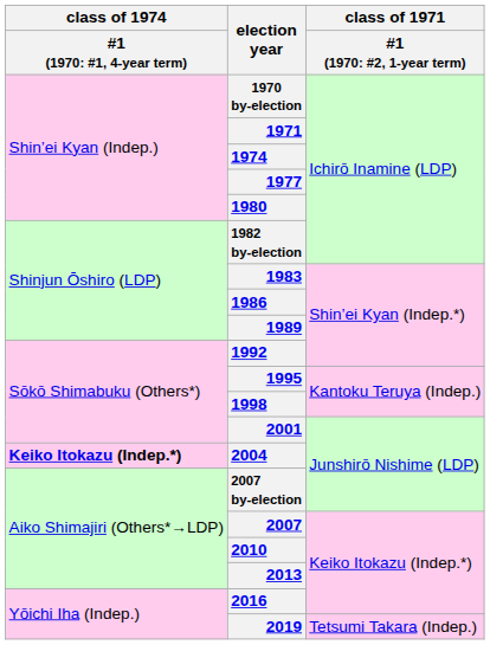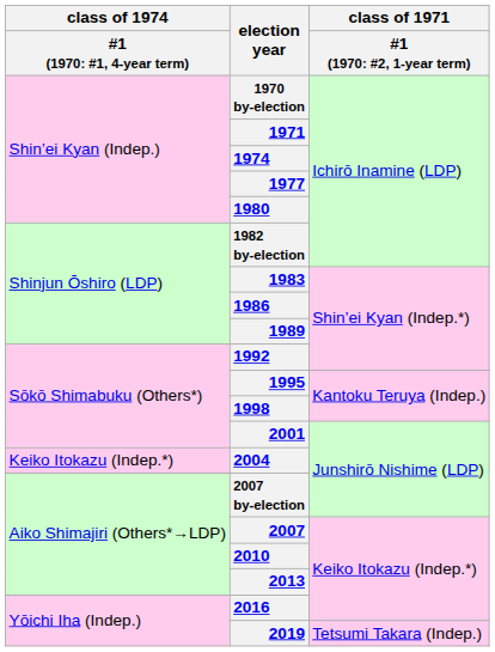 <table class="wikitable" border="1">
 <tr>
 <th>class of 1974</th>
 <th rowspan="2">election<br>year</th>
 <th>class of 1971</th>
 </tr>
 <tr>
 <th>#1<br><small>(1970: #1, 4-year term)</small></th>
 <th>#1<br><small>(1970: #2, 1-year term)</small></th>
 </tr>
 <tr>
 <td rowspan="5" bgcolor="#FFCCEE"><a href='#'>Shin’ei Kyan</a> (Indep.)</td>
 <th style="text-align: center"><small>1970<br> by-election</small></th>
 <td rowspan="6" bgcolor="#CCFFCC"><a href='#'>Ichirō Inamine</a> (<a href='#'>LDP</a>)</td>
 </tr>
 <tr>
 <th style="text-align: right"><a href='#'>1971</a></th>
 </tr>
 <tr>
 <th style="text-align: left"><a href='#'>1974</a></th>
 </tr>
 <tr>
 <th style="text-align: right"><a href='#'>1977</a></th>
 </tr>
 <tr>
 <th style="text-align: left"><a href='#'>1980</a></th>
 </tr>
 <tr>
 <td rowspan="4" bgcolor="#CCFFCC"><a href='#'>Shinjun Ōshiro</a> (<a href='#'>LDP</a>)</td>
 <th style="text-align: left"><small>1982<br>by-election</small></th>
 </tr>
 <tr>
 <th style="text-align: right"><a href='#'>1983</a></th>
 <td rowspan="4" bgcolor="#FFCCEE"><a href='#'>Shin’ei Kyan</a> (Indep.*)</td>
 </tr>
 <tr>
 <th style="text-align: left"><a href='#'>1986</a></th>
 </tr>
 <tr>
 <th style="text-align: right"><a href='#'>1989</a></th>
 </tr>
 <tr>
 <td rowspan="4" bgcolor="#FFCCEE"><a href='#'>Sōkō Shimabuku</a> (Others*)</td>
 <th style="text-align: left"><a href='#'>1992</a></th>
 </tr>
 <tr>
 <th style="text-align: right"><a href='#'>1995</a></th>
 <td rowspan="2" bgcolor="#FFCCEE"><a href='#'>Kantoku Teruya</a> (Indep.)</td>
 </tr>
 <tr>
 <th style="text-align: left"><a href='#'>1998</a></th>
 </tr>
 <tr>
 <th style="text-align: right"><a href='#'>2001</a></th>
 <td rowspan="3" bgcolor="#CCFFCC"><a href='#'>Junshirō Nishime</a> (<a href='#'>LDP</a>)</td>
 </tr>
 <tr>
-<td bgcolor="#FFCCEE"><strong><a href='#'>Keiko Itokazu</a> (Indep.*)</strong></td>
+<td bgcolor="#FFCCEE"><a href='#'>Keiko Itokazu</a> (Indep.*)</td>
 <th style="text-align: left"><a href='#'>2004</a></th>
 </tr>
 <tr>
 <td rowspan="4" bgcolor="#CCFFCC"><a href='#'>Aiko Shimajiri</a> (Others*→LDP)</td>
 <th style="text-align: left"><small>2007<br> by-election</small></th>
 </tr>
 <tr>
 <th style="text-align: right"><a href='#'>2007</a></th>
 <td rowspan="4" bgcolor="#FFCCEE"><a href='#'>Keiko Itokazu</a> (Indep.*)</td>
 </tr>
 <tr>
 <th style="text-align: left"><a href='#'>2010</a></th>
 </tr>
 <tr>
 <th style="text-align: right"><a href='#'>2013</a></th>
 </tr>
 <tr>
 <td rowspan="2" bgcolor="#FFCCEE"><a href='#'>Yōichi Iha</a> (Indep.)</td>
 <th style="text-align: left"><a href='#'>2016</a></th>
 </tr>
 <tr>
 <th style="text-align: right"><a href='#'>2019</a></th>
 <td rowspan="2" bgcolor="#FFCCEE"><a href='#'>Tetsumi Takara</a> (Indep.)</td>
 </tr>
 </table>
